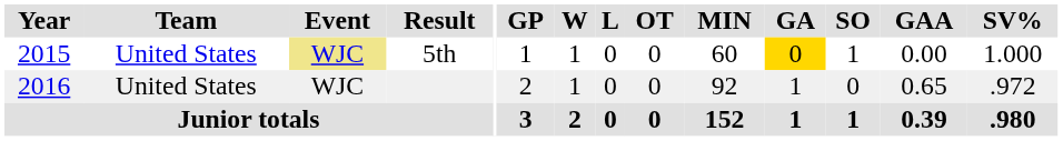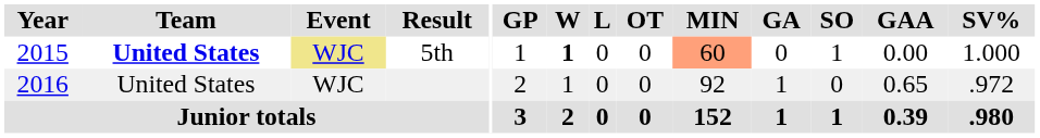 <table border="0" cellpadding="1" cellspacing="0" ID="Table3" style="text-align:center; width:40em">
 <tr ALIGN="center" bgcolor="#e0e0e0">
 <th>Year</th>
 <th>Team</th>
 <th>Event</th>
 <th>Result</th>
 <th rowspan="99" bgcolor="#ffffff"></th>
 <th>GP</th>
 <th>W</th>
 <th>L</th>
 <th>OT</th>
 <th>MIN</th>
 <th>GA</th>
 <th>SO</th>
 <th>GAA</th>
 <th>SV%</th>
 </tr>
 <tr ALIGN="center">
 <td><a href='#'>2015</a></td>
-<td><a href='#'>United States</a></td>
+<td><strong><a href='#'>United States</a></strong></td>
 <td style="background: khaki;"><a href='#'>WJC</a></td>
 <td>5th</td>
 <td>1</td>
-<td>1</td>
+<td><strong>1</strong></td>
 <td>0</td>
 <td>0</td>
-<td>60</td>
-<td style="background: gold;">0</td>
+<td style="background: lightsalmon;">60</td>
+<td>0</td>
 <td>1</td>
 <td>0.00</td>
 <td>1.000</td>
 </tr>
 <tr bgcolor="#f0f0f0">
 <td><a href='#'>2016</a></td>
 <td>United States</td>
 <td>WJC</td>
 <td></td>
 <td>2</td>
 <td>1</td>
 <td>0</td>
 <td>0</td>
 <td>92</td>
 <td>1</td>
 <td>0</td>
 <td>0.65</td>
 <td>.972</td>
 </tr>
 <tr ALIGN="center" bgcolor="#e0e0e0">
 <th colspan=4>Junior totals</th>
 <th>3</th>
 <th>2</th>
 <th>0</th>
 <th>0</th>
 <th>152</th>
 <th>1</th>
 <th>1</th>
 <th>0.39</th>
 <th>.980</th>
 </tr>
 </table>
